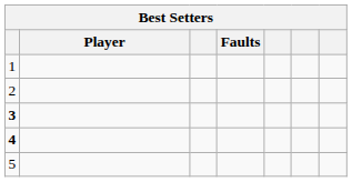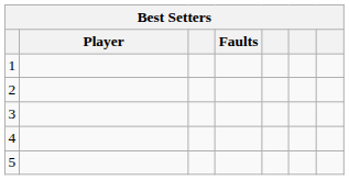 <table class="wikitable sortable" style=font-size:90%>
 <tr>
 <th colspan=7>Best Setters</th>
 </tr>
 <tr>
 <th></th>
 <th width=158>Player</th>
 <th width=20></th>
 <th width=20>Faults</th>
 <th width=20></th>
 <th width=20></th>
 <th width=20></th>
 </tr>
 <tr>
 <td align=center>1</td>
 <td></td>
 <td align=center></td>
 <td align=center></td>
 <td align=center></td>
 <td align=center></td>
 <td align=center></td>
 </tr>
 <tr>
 <td align=center>2</td>
 <td></td>
 <td align=center></td>
 <td align=center></td>
 <td align=center></td>
 <td align=center></td>
 <td align=center></td>
 </tr>
 <tr>
-<td align=center><strong>3</strong></td>
+<td align=center>3</td>
 <td></td>
 <td align=center></td>
 <td align=center></td>
 <td align=center></td>
 <td align=center></td>
 <td align=center></td>
 </tr>
 <tr>
-<td align=center><strong>4</strong></td>
+<td align=center>4</td>
 <td></td>
 <td align=center></td>
 <td align=center></td>
 <td align=center></td>
 <td align=center></td>
 <td align=center></td>
 </tr>
 <tr>
 <td align=center>5</td>
 <td></td>
 <td align=center></td>
 <td align=center></td>
 <td align=center></td>
 <td align=center></td>
 <td align=center></td>
 </tr>
 </table>
